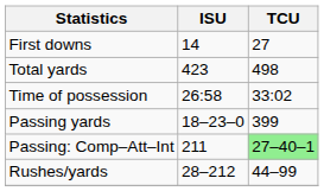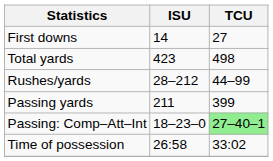 <table class="wikitable" style="float: left;">
 <tr>
 <th>Statistics</th>
 <th>ISU</th>
 <th>TCU</th>
 </tr>
 <tr>
 <td>First downs</td>
 <td>14</td>
 <td>27</td>
 </tr>
 <tr>
 <td>Total yards</td>
 <td>423</td>
 <td>498</td>
 </tr>
 <tr>
+<td>Rushes/yards</td>
+<td>28–212</td>
+<td>44–99</td>
+</tr>
+<tr>
+<td>Passing yards</td>
+<td>211</td>
+<td>399</td>
+</tr>
+<tr>
+<td>Passing: Comp–Att–Int</td>
+<td>18–23–0</td>
+<td style="background: lightgreen;">27–40–1</td>
+</tr>
+<tr>
 <td>Time of possession</td>
 <td>26:58</td>
 <td>33:02</td>
 </tr>
 <tr>
-<td>Passing yards</td>
-<td>18–23–0</td>
-<td>399</td>
-</tr>
-<tr>
-<td>Passing: Comp–Att–Int</td>
-<td>211</td>
-<td style="background: lightgreen;">27–40–1</td>
-</tr>
-<tr>
-<td>Rushes/yards</td>
-<td>28–212</td>
-<td>44–99</td>
-</tr>
-<tr>
 </tr>
 </table>
